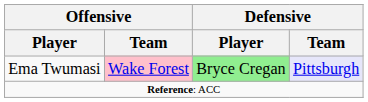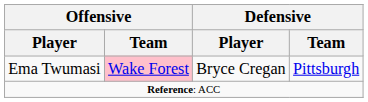 <table class="wikitable">
 <tr>
 <th colspan="2">Offensive</th>
 <th colspan="2">Defensive</th>
 </tr>
 <tr>
 <th>Player</th>
 <th>Team</th>
 <th>Player</th>
 <th>Team</th>
 </tr>
 <tr>
 <td>Ema Twumasi</td>
 <td style="background: pink;"><a href='#'>Wake Forest</a></td>
-<td style="background: lightgreen;">Bryce Cregan</td>
-<td style="background: lavender;"><a href='#'>Pittsburgh</a></td>
+<td>Bryce Cregan</td>
+<td><a href='#'>Pittsburgh</a></td>
 </tr>
 <tr>
 <td colspan="12"  style="font-size:8pt; text-align:center;"><strong>Reference</strong>: ACC</td>
 </tr>
 </table>
